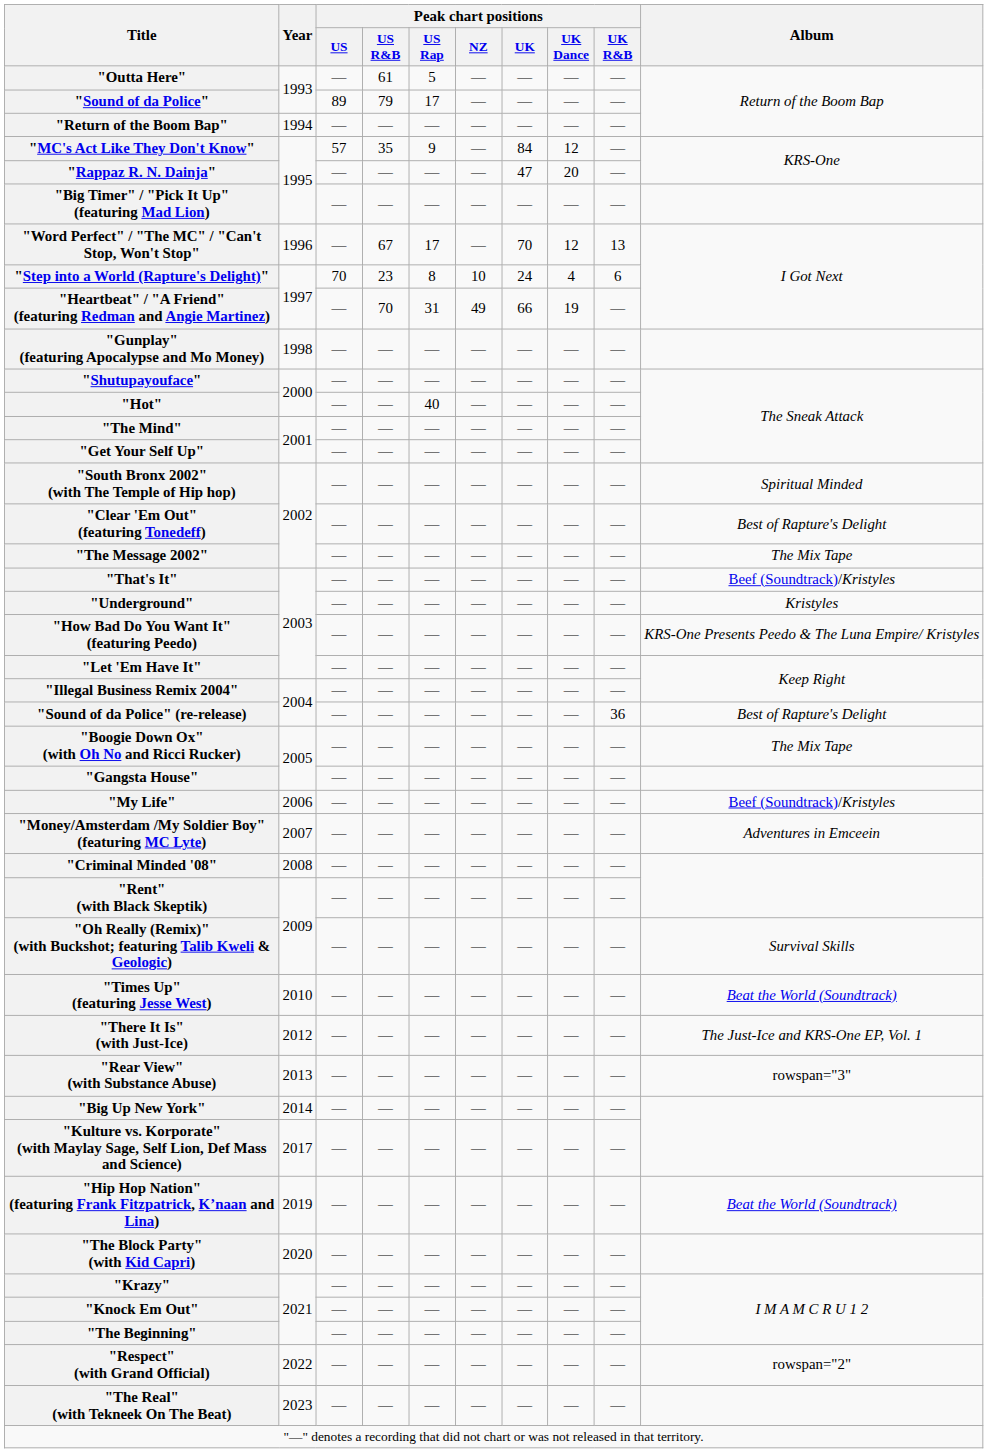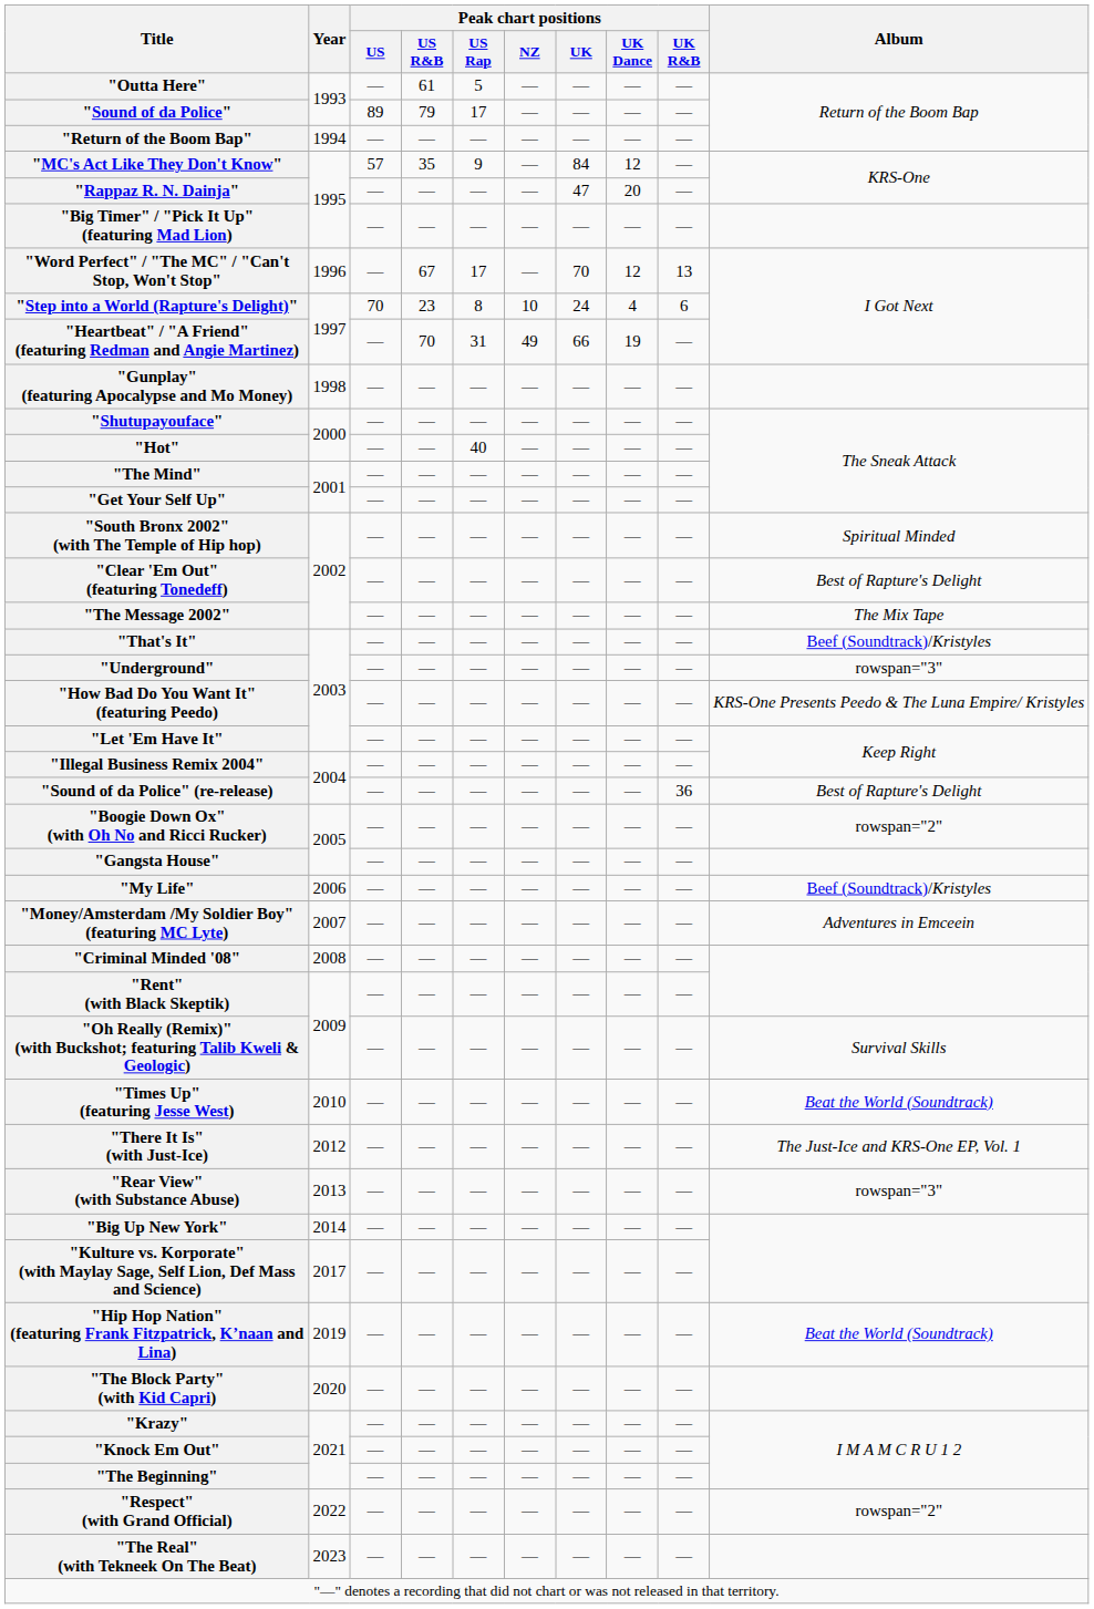 <table class="wikitable plainrowheaders" style="text-align:center;" border="1">
 <tr>
 <th scope="col" rowspan="2" style="width:18em;">Title</th>
 <th scope="col" rowspan="2">Year</th>
 <th scope="col" colspan="7">Peak chart positions</th>
 <th scope="col" rowspan="2">Album</th>
 </tr>
 <tr>
 <th scope="col" style="width:3em;font-size:90%;"><a href='#'>US</a><br></th>
 <th scope="col" style="width:3em;font-size:90%;"><a href='#'>US R&B</a><br></th>
 <th scope="col" style="width:3em;font-size:90%;"><a href='#'>US Rap</a><br></th>
 <th scope="col" style="width:3em;font-size:90%;"><a href='#'>NZ</a><br></th>
 <th scope="col" style="width:3em;font-size:90%;"><a href='#'>UK</a><br></th>
 <th scope="col" style="width:3em;font-size:90%;"><a href='#'>UK Dance</a><br></th>
 <th scope="col" style="width:3em;font-size:90%;"><a href='#'>UK R&B</a><br></th>
 </tr>
 <tr>
 <th scope="row">"Outta Here"</th>
 <td rowspan="2">1993</td>
 <td align="center">—</td>
 <td align="center">61</td>
 <td align="center">5</td>
 <td align="center">—</td>
 <td align="center">—</td>
 <td align="center">—</td>
 <td align="center">—</td>
 <td align="center" rowspan="3"><em>Return of the Boom Bap</em></td>
 </tr>
 <tr>
 <th scope="row">"<a href='#'>Sound of da Police</a>"</th>
 <td align="center">89</td>
 <td align="center">79</td>
 <td align="center">17</td>
 <td align="center">—</td>
 <td align="center">—</td>
 <td align="center">—</td>
 <td align="center">—</td>
 </tr>
 <tr>
 <th scope="row">"Return of the Boom Bap"</th>
 <td>1994</td>
 <td align="center">—</td>
 <td align="center">—</td>
 <td align="center">—</td>
 <td align="center">—</td>
 <td align="center">—</td>
 <td align="center">—</td>
 <td align="center">—</td>
 </tr>
 <tr>
 <th scope="row">"<a href='#'>MC's Act Like They Don't Know</a>"</th>
 <td rowspan="3">1995</td>
 <td align="center">57</td>
 <td align="center">35</td>
 <td align="center">9</td>
 <td align="center">—</td>
 <td align="center">84</td>
 <td align="center">12</td>
 <td align="center">—</td>
 <td align="center" rowspan="2"><em>KRS-One</em></td>
 </tr>
 <tr>
 <th scope="row">"<a href='#'>Rappaz R. N. Dainja</a>"</th>
 <td align="center">—</td>
 <td align="center">—</td>
 <td align="center">—</td>
 <td align="center">—</td>
 <td align="center">47</td>
 <td align="center">20</td>
 <td align="center">—</td>
 </tr>
 <tr>
 <th scope="row">"Big Timer" / "Pick It Up"<br><span>(featuring <a href='#'>Mad Lion</a>)</span></th>
 <td align="center">—</td>
 <td align="center">—</td>
 <td align="center">—</td>
 <td align="center">—</td>
 <td align="center">—</td>
 <td align="center">—</td>
 <td align="center">—</td>
 <td></td>
 </tr>
 <tr>
 <th scope="row">"Word Perfect" / "The MC" / "Can't Stop, Won't Stop"</th>
 <td>1996</td>
 <td align="center">—</td>
 <td align="center">67</td>
 <td align="center">17</td>
 <td align="center">—</td>
 <td align="center">70</td>
 <td align="center">12</td>
 <td align="center">13</td>
 <td align="center" rowspan="3"><em>I Got Next</em></td>
 </tr>
 <tr>
 <th scope="row">"<a href='#'>Step into a World (Rapture's Delight)</a>"</th>
 <td rowspan="2">1997</td>
 <td align="center">70</td>
 <td align="center">23</td>
 <td align="center">8</td>
 <td align="center">10</td>
 <td align="center">24</td>
 <td align="center">4</td>
 <td align="center">6</td>
 </tr>
 <tr>
 <th scope="row">"Heartbeat" / "A Friend"<br><span>(featuring <a href='#'>Redman</a> and <a href='#'>Angie Martinez</a>)</span></th>
 <td align="center">—</td>
 <td align="center">70</td>
 <td align="center">31</td>
 <td align="center">49</td>
 <td align="center">66</td>
 <td align="center">19</td>
 <td align="center">—</td>
 </tr>
 <tr>
 <th scope="row">"Gunplay"<br><span>(featuring Apocalypse and Mo Money)</span></th>
 <td>1998</td>
 <td align="center">—</td>
 <td align="center">—</td>
 <td align="center">—</td>
 <td align="center">—</td>
 <td align="center">—</td>
 <td align="center">—</td>
 <td align="center">—</td>
 <td></td>
 </tr>
 <tr>
 <th scope="row">"<a href='#'>Shutupayouface</a>"</th>
 <td rowspan="2">2000</td>
 <td align="center">—</td>
 <td align="center">—</td>
 <td align="center">—</td>
 <td align="center">—</td>
 <td align="center">—</td>
 <td align="center">—</td>
 <td align="center">—</td>
 <td align="center" rowspan="4"><em>The Sneak Attack</em></td>
 </tr>
 <tr>
 <th scope="row">"Hot"</th>
 <td align="center">—</td>
 <td align="center">—</td>
 <td align="center">40</td>
 <td align="center">—</td>
 <td align="center">—</td>
 <td align="center">—</td>
 <td align="center">—</td>
 </tr>
 <tr>
 <th scope="row">"The Mind"</th>
 <td rowspan="2">2001</td>
 <td align="center">—</td>
 <td align="center">—</td>
 <td align="center">—</td>
 <td align="center">—</td>
 <td align="center">—</td>
 <td align="center">—</td>
 <td align="center">—</td>
 </tr>
 <tr>
 <th scope="row">"Get Your Self Up"</th>
 <td align="center">—</td>
 <td align="center">—</td>
 <td align="center">—</td>
 <td align="center">—</td>
 <td align="center">—</td>
 <td align="center">—</td>
 <td align="center">—</td>
 </tr>
 <tr>
 <th scope="row">"South Bronx 2002"<br><span>(with The Temple of Hip hop)</span></th>
 <td rowspan="3">2002</td>
 <td align="center">—</td>
 <td align="center">—</td>
 <td align="center">—</td>
 <td align="center">—</td>
 <td align="center">—</td>
 <td align="center">—</td>
 <td align="center">—</td>
 <td><em>Spiritual Minded</em></td>
 </tr>
 <tr>
 <th scope="row">"Clear 'Em Out"<br><span>(featuring <a href='#'>Tonedeff</a>)</span></th>
 <td align="center">—</td>
 <td align="center">—</td>
 <td align="center">—</td>
 <td align="center">—</td>
 <td align="center">—</td>
 <td align="center">—</td>
 <td align="center">—</td>
 <td><em>Best of Rapture's Delight</em></td>
 </tr>
 <tr>
 <th scope="row">"The Message 2002"</th>
 <td align="center">—</td>
 <td align="center">—</td>
 <td align="center">—</td>
 <td align="center">—</td>
 <td align="center">—</td>
 <td align="center">—</td>
 <td align="center">—</td>
 <td><em>The Mix Tape</em></td>
 </tr>
 <tr>
 <th scope="row">"That's It"</th>
 <td rowspan="4">2003</td>
 <td align="center">—</td>
 <td align="center">—</td>
 <td align="center">—</td>
 <td align="center">—</td>
 <td align="center">—</td>
 <td align="center">—</td>
 <td align="center">—</td>
 <td><a href='#'>Beef (Soundtrack)</a>/<em>Kristyles</em></td>
 </tr>
 <tr>
 <th scope="row">"Underground"</th>
 <td align="center">—</td>
 <td align="center">—</td>
 <td align="center">—</td>
 <td align="center">—</td>
 <td align="center">—</td>
 <td align="center">—</td>
 <td align="center">—</td>
-<td><em>Kristyles</em></td>
+<td>rowspan="3" </td>
 </tr>
 <tr>
 <th scope="row">"How Bad Do You Want It"<br><span>(featuring Peedo)</span></th>
 <td align="center">—</td>
 <td align="center">—</td>
 <td align="center">—</td>
 <td align="center">—</td>
 <td align="center">—</td>
 <td align="center">—</td>
 <td align="center">—</td>
 <td><em>KRS-One Presents Peedo & The Luna Empire/</em> <em>Kristyles</em></td>
 </tr>
 <tr>
 <th scope="row">"Let 'Em Have It"</th>
 <td align="center">—</td>
 <td align="center">—</td>
 <td align="center">—</td>
 <td align="center">—</td>
 <td align="center">—</td>
 <td align="center">—</td>
 <td align="center">—</td>
 <td align="center" rowspan="2"><em>Keep Right</em></td>
 </tr>
 <tr>
 <th scope="row">"Illegal Business Remix 2004"</th>
 <td rowspan="2">2004</td>
 <td align="center">—</td>
 <td align="center">—</td>
 <td align="center">—</td>
 <td align="center">—</td>
 <td align="center">—</td>
 <td align="center">—</td>
 <td align="center">—</td>
 </tr>
 <tr>
 <th scope="row">"Sound of da Police" (re-release)</th>
 <td align="center">—</td>
 <td align="center">—</td>
 <td align="center">—</td>
 <td align="center">—</td>
 <td align="center">—</td>
 <td align="center">—</td>
 <td align="center">36</td>
 <td><em>Best of Rapture's Delight</em></td>
 </tr>
 <tr>
 <th scope="row">"Boogie Down Ox"<br><span>(with <a href='#'>Oh No</a> and Ricci Rucker)</span></th>
 <td rowspan="2">2005</td>
 <td align="center">—</td>
 <td align="center">—</td>
 <td align="center">—</td>
 <td align="center">—</td>
 <td align="center">—</td>
 <td align="center">—</td>
 <td align="center">—</td>
-<td><em>The Mix Tape</em></td>
+<td>rowspan="2" </td>
 </tr>
 <tr>
 <th scope="row">"Gangsta House"</th>
 <td align="center">—</td>
 <td align="center">—</td>
 <td align="center">—</td>
 <td align="center">—</td>
 <td align="center">—</td>
 <td align="center">—</td>
 <td align="center">—</td>
 </tr>
 <tr>
 <th scope="row">"My Life"</th>
 <td>2006</td>
 <td align="center">—</td>
 <td align="center">—</td>
 <td align="center">—</td>
 <td align="center">—</td>
 <td align="center">—</td>
 <td align="center">—</td>
 <td align="center">—</td>
 <td><a href='#'>Beef (Soundtrack)</a>/<em>Kristyles</em></td>
 </tr>
 <tr>
 <th scope="row">"Money/Amsterdam /My Soldier Boy"<br><span>(featuring <a href='#'>MC Lyte</a>)</span></th>
 <td>2007</td>
 <td align="center">—</td>
 <td align="center">—</td>
 <td align="center">—</td>
 <td align="center">—</td>
 <td align="center">—</td>
 <td align="center">—</td>
 <td align="center">—</td>
 <td><em>Adventures in Emceein</em></td>
 </tr>
 <tr>
 <th scope="row">"Criminal Minded '08"</th>
 <td>2008</td>
 <td align="center">—</td>
 <td align="center">—</td>
 <td align="center">—</td>
 <td align="center">—</td>
 <td align="center">—</td>
 <td align="center">—</td>
 <td align="center">—</td>
 <td rowspan="2"></td>
 </tr>
 <tr>
 <th scope="row">"Rent"<br><span>(with Black Skeptik)</span></th>
 <td rowspan="2">2009</td>
 <td align="center">—</td>
 <td align="center">—</td>
 <td align="center">—</td>
 <td align="center">—</td>
 <td align="center">—</td>
 <td align="center">—</td>
 <td align="center">—</td>
 </tr>
 <tr>
 <th scope="row">"Oh Really (Remix)"<br><span>(with Buckshot; featuring <a href='#'>Talib Kweli</a> & <a href='#'>Geologic</a>)</span></th>
 <td align="center">—</td>
 <td align="center">—</td>
 <td align="center">—</td>
 <td align="center">—</td>
 <td align="center">—</td>
 <td align="center">—</td>
 <td align="center">—</td>
 <td><em>Survival Skills</em></td>
 </tr>
 <tr>
 <th scope="row">"Times Up"<br><span>(featuring <a href='#'>Jesse West</a>)</span></th>
 <td>2010</td>
 <td align="center">—</td>
 <td align="center">—</td>
 <td align="center">—</td>
 <td align="center">—</td>
 <td align="center">—</td>
 <td align="center">—</td>
 <td align="center">—</td>
 <td><em><a href='#'>Beat the World (Soundtrack)</a></em></td>
 </tr>
 <tr>
 <th scope="row">"There It Is"<br><span>(with Just-Ice)</span></th>
 <td>2012</td>
 <td align="center">—</td>
 <td align="center">—</td>
 <td align="center">—</td>
 <td align="center">—</td>
 <td align="center">—</td>
 <td align="center">—</td>
 <td align="center">—</td>
 <td><em>The Just-Ice and KRS-One EP, Vol. 1</em></td>
 </tr>
 <tr>
 <th scope="row">"Rear View"<br><span>(with Substance Abuse)</span></th>
 <td>2013</td>
 <td align="center">—</td>
 <td align="center">—</td>
 <td align="center">—</td>
 <td align="center">—</td>
 <td align="center">—</td>
 <td align="center">—</td>
 <td align="center">—</td>
 <td>rowspan="3" </td>
 </tr>
 <tr>
 <th scope="row">"Big Up New York"</th>
 <td>2014</td>
 <td align="center">—</td>
 <td align="center">—</td>
 <td align="center">—</td>
 <td align="center">—</td>
 <td align="center">—</td>
 <td align="center">—</td>
 <td align="center">—</td>
 </tr>
 <tr>
 <th scope="row">"Kulture vs. Korporate"<br><span>(with Maylay Sage, Self Lion, Def Mass and Science)</span></th>
 <td>2017</td>
 <td align="center">—</td>
 <td align="center">—</td>
 <td align="center">—</td>
 <td align="center">—</td>
 <td align="center">—</td>
 <td align="center">—</td>
 <td align="center">—</td>
 </tr>
 <tr>
 <th scope="row">"Hip Hop Nation"<br><span>(featuring <a href='#'>Frank Fitzpatrick</a>, <a href='#'>K’naan</a> and <a href='#'>Lina</a>)</span></th>
 <td>2019</td>
 <td align="center">—</td>
 <td align="center">—</td>
 <td align="center">—</td>
 <td align="center">—</td>
 <td align="center">—</td>
 <td align="center">—</td>
 <td align="center">—</td>
 <td><em><a href='#'>Beat the World (Soundtrack)</a></em></td>
 </tr>
 <tr>
 <th scope="row">"The Block Party"<br><span>(with <a href='#'>Kid Capri</a>)</span></th>
 <td>2020</td>
 <td align="center">—</td>
 <td align="center">—</td>
 <td align="center">—</td>
 <td align="center">—</td>
 <td align="center">—</td>
 <td align="center">—</td>
 <td align="center">—</td>
 <td></td>
 </tr>
 <tr>
 <th scope="row">"Krazy"</th>
 <td rowspan="3">2021</td>
 <td align="center">—</td>
 <td align="center">—</td>
 <td align="center">—</td>
 <td align="center">—</td>
 <td align="center">—</td>
 <td align="center">—</td>
 <td align="center">—</td>
 <td rowspan="3"><em>I M A M C R U 1 2</em></td>
 </tr>
 <tr>
 <th scope="row">"Knock Em Out"</th>
 <td align="center">—</td>
 <td align="center">—</td>
 <td align="center">—</td>
 <td align="center">—</td>
 <td align="center">—</td>
 <td align="center">—</td>
 <td align="center">—</td>
 </tr>
 <tr>
 <th scope="row">"The Beginning"</th>
 <td align="center">—</td>
 <td align="center">—</td>
 <td align="center">—</td>
 <td align="center">—</td>
 <td align="center">—</td>
 <td align="center">—</td>
 <td align="center">—</td>
 </tr>
 <tr>
 <th scope="row">"Respect"<br><span>(with Grand Official)</span></th>
 <td>2022</td>
 <td align="center">—</td>
 <td align="center">—</td>
 <td align="center">—</td>
 <td align="center">—</td>
 <td align="center">—</td>
 <td align="center">—</td>
 <td align="center">—</td>
 <td>rowspan="2" </td>
 </tr>
 <tr>
 <th scope="row">"The Real"<br><span>(with Tekneek On The Beat)</span></th>
 <td>2023</td>
 <td align="center">—</td>
 <td align="center">—</td>
 <td align="center">—</td>
 <td align="center">—</td>
 <td align="center">—</td>
 <td align="center">—</td>
 <td align="center">—</td>
 </tr>
 <tr>
 <td colspan="10" style="font-size:90%">"—" denotes a recording that did not chart or was not released in that territory.</td>
 </tr>
 </table>
